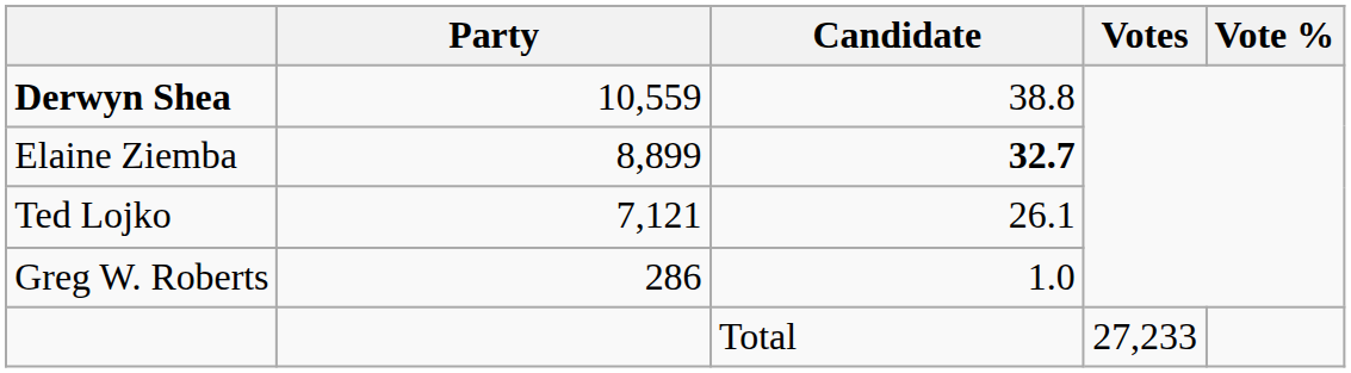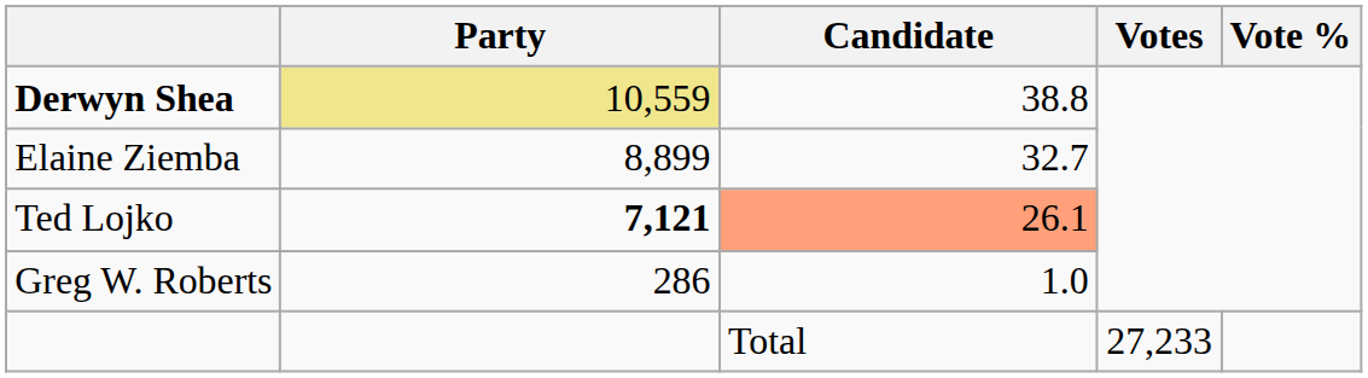 <table class="wikitable">
 <tr>
 <th></th>
 <th scope="col" width="175">Party</th>
 <th scope="col" width="150">Candidate</th>
 <th>Votes</th>
 <th>Vote %</th>
 </tr>
 <tr>
 <td><strong>Derwyn Shea</strong></td>
-<td align=right>10,559</td>
+<td align=right style="background: khaki;">10,559</td>
 <td align=right>38.8</td>
 </tr>
 <tr |>
 <td>Elaine Ziemba</td>
 <td align=right>8,899</td>
-<td align=right><strong>32.7</strong></td>
+<td align=right>32.7</td>
 </tr>
 <tr |>
 <td>Ted Lojko</td>
-<td align=right>7,121</td>
-<td align=right>26.1<br></td>
+<td align=right><strong>7,121</strong></td>
+<td align=right style="background: lightsalmon;">26.1<br></td>
 </tr>
 <tr>
 <td>Greg W. Roberts</td>
 <td align=right>286</td>
 <td align=right>1.0</td>
 </tr>
 <tr |>
 <td></td>
 <td></td>
 <td>Total</td>
 <td align=right>27,233</td>
 <td></td>
 </tr>
 </table>
